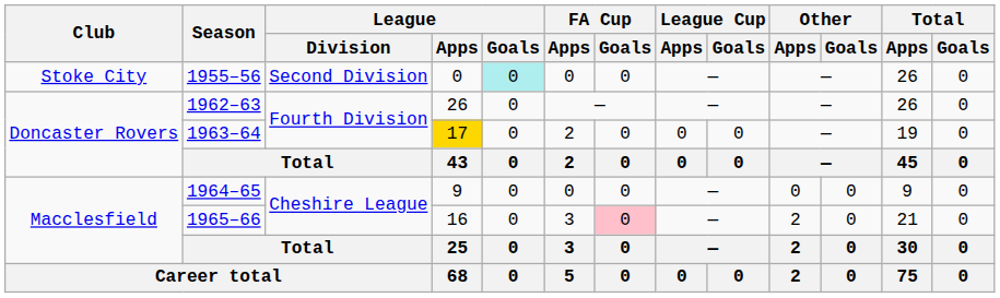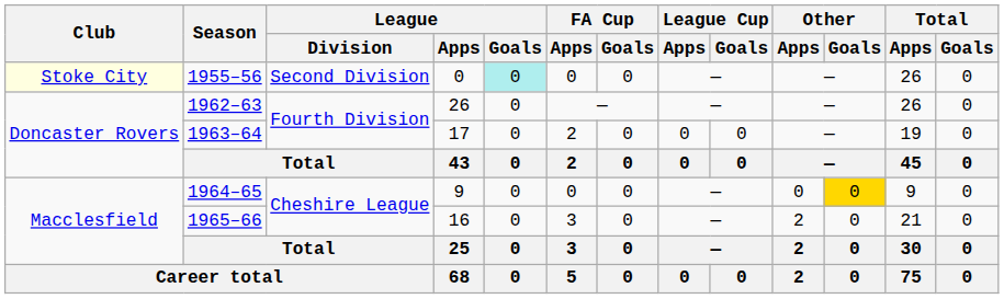 <table class="wikitable" style="text-align: center;">
 <tr>
 <th rowspan="2">Club</th>
 <th rowspan="2">Season</th>
 <th colspan="3">League</th>
 <th colspan="2">FA Cup</th>
 <th colspan="2">League Cup</th>
 <th colspan="2">Other</th>
 <th colspan="2">Total</th>
 </tr>
 <tr>
 <th>Division</th>
 <th>Apps</th>
 <th>Goals</th>
 <th>Apps</th>
 <th>Goals</th>
 <th>Apps</th>
 <th>Goals</th>
 <th>Apps</th>
 <th>Goals</th>
 <th>Apps</th>
 <th>Goals</th>
 </tr>
 <tr>
-<td><a href='#'>Stoke City</a></td>
+<td style="background: lightyellow;"><a href='#'>Stoke City</a></td>
 <td><a href='#'>1955–56</a></td>
 <td><a href='#'>Second Division</a></td>
 <td>0</td>
 <td style="background: paleturquoise;">0</td>
 <td>0</td>
 <td>0</td>
 <td colspan="2">—</td>
 <td colspan="2">—</td>
 <td>26</td>
 <td>0</td>
 </tr>
 <tr>
 <td rowspan="3"><a href='#'>Doncaster Rovers</a></td>
 <td><a href='#'>1962–63</a></td>
 <td rowspan="2"><a href='#'>Fourth Division</a></td>
 <td>26</td>
 <td>0</td>
 <td colspan="2">—</td>
 <td colspan="2">—</td>
 <td colspan="2">—</td>
 <td>26</td>
 <td>0</td>
 </tr>
 <tr>
 <td><a href='#'>1963–64</a></td>
-<td style="background: gold;">17</td>
+<td>17</td>
 <td>0</td>
 <td>2</td>
 <td>0</td>
 <td>0</td>
 <td>0</td>
 <td colspan="2">—</td>
 <td>19</td>
 <td>0</td>
 </tr>
 <tr>
 <th colspan="2">Total</th>
 <th>43</th>
 <th>0</th>
 <th>2</th>
 <th>0</th>
 <th>0</th>
 <th>0</th>
 <th colspan="2">—</th>
 <th>45</th>
 <th>0</th>
 </tr>
 <tr>
 <td rowspan="3"><a href='#'>Macclesfield</a></td>
 <td><a href='#'>1964–65</a></td>
 <td rowspan="2"><a href='#'>Cheshire League</a></td>
 <td>9</td>
 <td>0</td>
 <td>0</td>
 <td>0</td>
 <td colspan="2">—</td>
 <td>0</td>
-<td>0</td>
+<td style="background: gold;">0</td>
 <td>9</td>
 <td>0</td>
 </tr>
 <tr>
 <td><a href='#'>1965–66</a></td>
 <td>16</td>
 <td>0</td>
 <td>3</td>
-<td style="background: pink;">0</td>
+<td>0</td>
 <td colspan="2">—</td>
 <td>2</td>
 <td>0</td>
 <td>21</td>
 <td>0</td>
 </tr>
 <tr>
 <th colspan="2">Total</th>
 <th>25</th>
 <th>0</th>
 <th>3</th>
 <th>0</th>
 <th colspan="2">—</th>
 <th>2</th>
 <th>0</th>
 <th>30</th>
 <th>0</th>
 </tr>
 <tr>
 <th colspan="3">Career total</th>
 <th>68</th>
 <th>0</th>
 <th>5</th>
 <th>0</th>
 <th>0</th>
 <th>0</th>
 <th>2</th>
 <th>0</th>
 <th>75</th>
 <th>0</th>
 </tr>
 </table>
